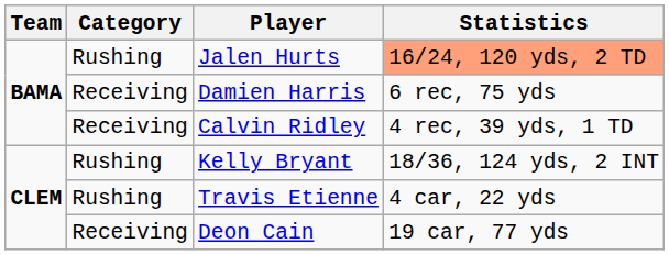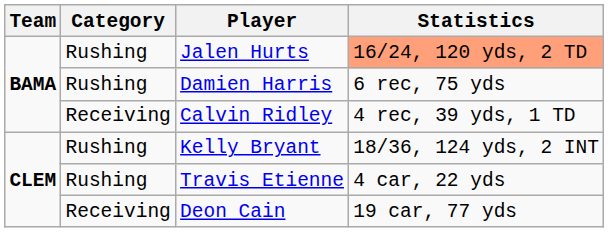 <table class="wikitable">
 <tr>
 <th>Team</th>
 <th>Category</th>
 <th>Player</th>
 <th>Statistics</th>
 </tr>
 <tr>
 <td rowspan=3><strong>BAMA</strong></td>
 <td>Rushing</td>
 <td><a href='#'>Jalen Hurts</a></td>
 <td style="background: lightsalmon;">16/24, 120 yds, 2 TD</td>
 </tr>
 <tr>
-<td>Receiving</td>
+<td>Rushing</td>
 <td><a href='#'>Damien Harris</a></td>
 <td>6 rec, 75 yds</td>
 </tr>
 <tr>
 <td>Receiving</td>
 <td><a href='#'>Calvin Ridley</a></td>
 <td>4 rec, 39 yds, 1 TD</td>
 </tr>
 <tr>
 <td rowspan=3><strong>CLEM</strong></td>
 <td>Rushing</td>
 <td><a href='#'>Kelly Bryant</a></td>
 <td>18/36, 124 yds, 2 INT</td>
 </tr>
 <tr>
 <td>Rushing</td>
 <td><a href='#'>Travis Etienne</a></td>
 <td>4 car, 22 yds</td>
 </tr>
 <tr>
 <td>Receiving</td>
 <td><a href='#'>Deon Cain</a></td>
 <td>19 car, 77 yds</td>
 </tr>
 </table>
